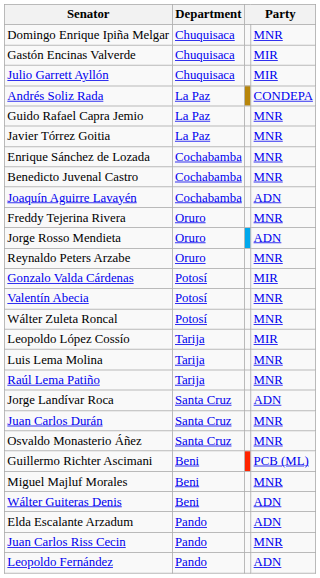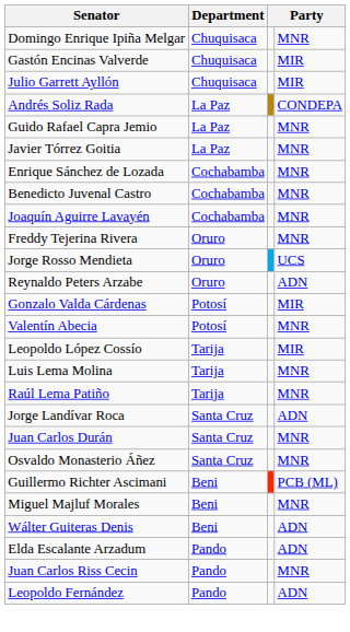 <table class="wikitable sortable">
 <tr>
 <th>Senator</th>
 <th>Department</th>
 <th colspan="2">Party</th>
 </tr>
 <tr>
 <td>Domingo Enrique Ipiña Melgar</td>
 <td><a href='#'>Chuquisaca</a></td>
 <td style="background:"></td>
 <td><a href='#'>MNR</a></td>
 </tr>
 <tr>
 <td>Gastón Encinas Valverde</td>
 <td><a href='#'>Chuquisaca</a></td>
 <td style="background:"></td>
 <td><a href='#'>MIR</a></td>
 </tr>
 <tr>
 <td><a href='#'>Julio Garrett Ayllón</a></td>
 <td><a href='#'>Chuquisaca</a></td>
 <td style="background:"></td>
 <td><a href='#'>MIR</a></td>
 </tr>
 <tr>
 <td><a href='#'>Andrés Soliz Rada</a></td>
 <td><a href='#'>La Paz</a></td>
 <td style="background:#B8860B"></td>
 <td><a href='#'>CONDEPA</a></td>
 </tr>
 <tr>
 <td>Guido Rafael Capra Jemio</td>
 <td><a href='#'>La Paz</a></td>
 <td style="background:"></td>
 <td><a href='#'>MNR</a></td>
 </tr>
 <tr>
 <td>Javier Tórrez Goitia</td>
 <td><a href='#'>La Paz</a></td>
 <td style="background:"></td>
 <td><a href='#'>MNR</a></td>
 </tr>
 <tr>
 <td>Enrique Sánchez de Lozada</td>
 <td><a href='#'>Cochabamba</a></td>
 <td style="background:"></td>
 <td><a href='#'>MNR</a></td>
 </tr>
 <tr>
 <td>Benedicto Juvenal Castro</td>
 <td><a href='#'>Cochabamba</a></td>
 <td style="background:"></td>
 <td><a href='#'>MNR</a></td>
 </tr>
 <tr>
 <td><a href='#'>Joaquín Aguirre Lavayén</a></td>
 <td><a href='#'>Cochabamba</a></td>
 <td style="background:"></td>
-<td><a href='#'>ADN</a></td>
+<td><a href='#'>MNR</a></td>
 </tr>
 <tr>
 <td>Freddy Tejerina Rivera</td>
 <td><a href='#'>Oruro</a></td>
 <td style="background:"></td>
 <td><a href='#'>MNR</a></td>
 </tr>
 <tr>
 <td>Jorge Rosso Mendieta</td>
 <td><a href='#'>Oruro</a></td>
 <td style="background:#00A8EC"></td>
-<td><a href='#'>ADN</a></td>
+<td><a href='#'>UCS</a></td>
 </tr>
 <tr>
 <td>Reynaldo Peters Arzabe</td>
 <td><a href='#'>Oruro</a></td>
 <td style="background:"></td>
-<td><a href='#'>MNR</a></td>
+<td><a href='#'>ADN</a></td>
 </tr>
 <tr>
 <td><a href='#'>Gonzalo Valda Cárdenas</a></td>
 <td><a href='#'>Potosí</a></td>
 <td style="background:"></td>
 <td><a href='#'>MIR</a></td>
 </tr>
 <tr>
 <td><a href='#'>Valentín Abecia</a></td>
-<td><a href='#'>Potosí</a></td>
-<td style="background:"></td>
-<td><a href='#'>MNR</a></td>
-</tr>
-<tr>
-<td>Wálter Zuleta Roncal</td>
 <td><a href='#'>Potosí</a></td>
 <td style="background:"></td>
 <td><a href='#'>MNR</a></td>
 </tr>
 <tr>
 <td>Leopoldo López Cossío</td>
 <td><a href='#'>Tarija</a></td>
 <td style="background:"></td>
 <td><a href='#'>MIR</a></td>
 </tr>
 <tr>
 <td>Luis Lema Molina</td>
 <td><a href='#'>Tarija</a></td>
 <td style="background:"></td>
 <td><a href='#'>MNR</a></td>
 </tr>
 <tr>
 <td><a href='#'>Raúl Lema Patiño</a></td>
 <td><a href='#'>Tarija</a></td>
 <td style="background:"></td>
 <td><a href='#'>MNR</a></td>
 </tr>
 <tr>
 <td>Jorge Landívar Roca</td>
 <td><a href='#'>Santa Cruz</a></td>
 <td style="background:"></td>
 <td><a href='#'>ADN</a></td>
 </tr>
 <tr>
 <td><a href='#'>Juan Carlos Durán</a></td>
 <td><a href='#'>Santa Cruz</a></td>
 <td style="background:"></td>
 <td><a href='#'>MNR</a></td>
 </tr>
 <tr>
 <td>Osvaldo Monasterio Áñez</td>
 <td><a href='#'>Santa Cruz</a></td>
 <td style="background:"></td>
 <td><a href='#'>MNR</a></td>
 </tr>
 <tr>
 <td>Guillermo Richter Ascimani</td>
 <td><a href='#'>Beni</a></td>
 <td style="background:#FF2400"></td>
 <td><a href='#'>PCB (ML)</a></td>
 </tr>
 <tr>
 <td>Miguel Majluf Morales</td>
 <td><a href='#'>Beni</a></td>
 <td style="background:"></td>
 <td><a href='#'>MNR</a></td>
 </tr>
 <tr>
 <td><a href='#'>Wálter Guiteras Denis</a></td>
 <td><a href='#'>Beni</a></td>
 <td style="background:"></td>
 <td><a href='#'>ADN</a></td>
 </tr>
 <tr>
 <td>Elda Escalante Arzadum</td>
 <td><a href='#'>Pando</a></td>
 <td style="background:"></td>
 <td><a href='#'>ADN</a></td>
 </tr>
 <tr>
 <td><a href='#'>Juan Carlos Riss Cecin</a></td>
 <td><a href='#'>Pando</a></td>
 <td style="background:"></td>
 <td><a href='#'>MNR</a></td>
 </tr>
 <tr>
 <td><a href='#'>Leopoldo Fernández</a></td>
 <td><a href='#'>Pando</a></td>
 <td style="background:"></td>
 <td><a href='#'>ADN</a></td>
 </tr>
 </table>
